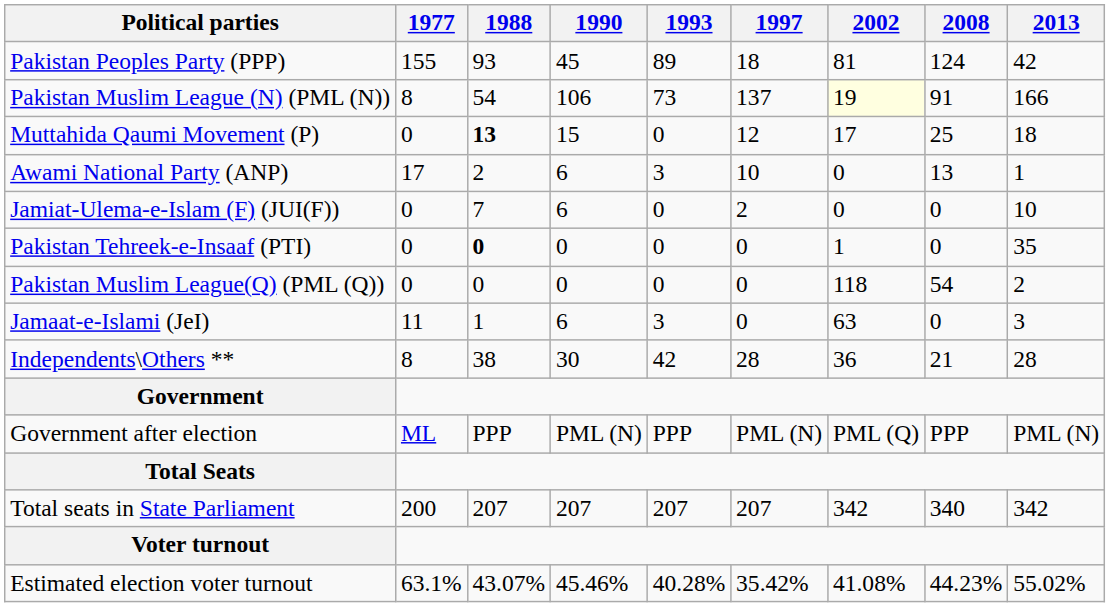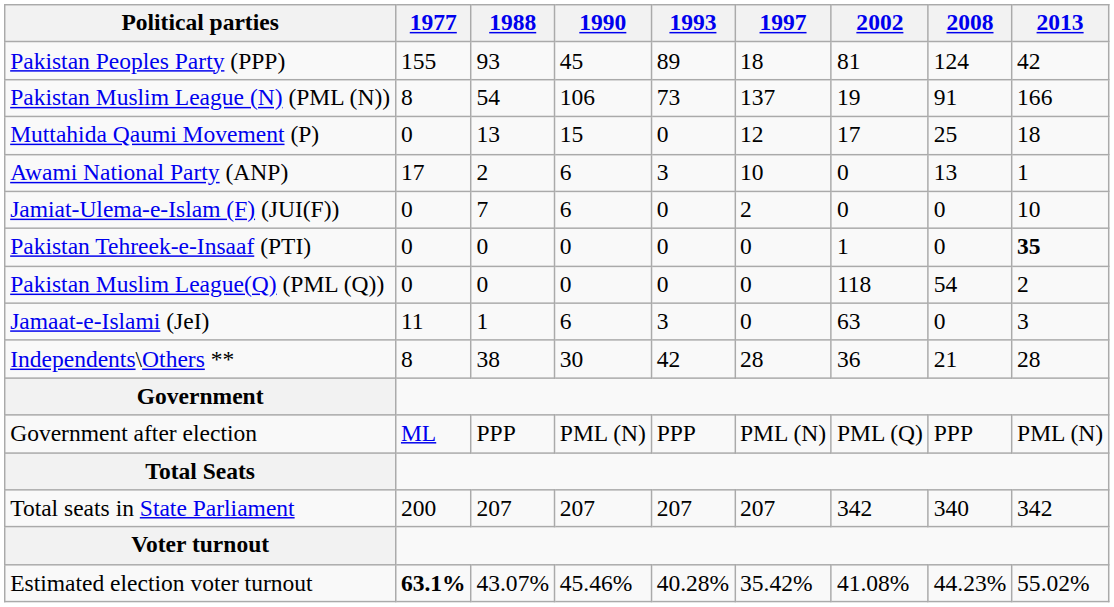 <table class="wikitable sortable">
 <tr>
 <th>Political parties</th>
 <th><a href='#'>1977</a></th>
 <th><a href='#'>1988</a></th>
 <th><a href='#'>1990</a></th>
 <th><a href='#'>1993</a></th>
 <th><a href='#'>1997</a></th>
 <th><a href='#'>2002</a></th>
 <th><a href='#'>2008</a></th>
 <th><a href='#'>2013</a></th>
 </tr>
 <tr>
 <td><a href='#'>Pakistan Peoples Party</a> (PPP)</td>
 <td>155</td>
 <td>93</td>
 <td>45</td>
 <td>89</td>
 <td>18</td>
 <td>81</td>
 <td>124</td>
 <td>42</td>
 </tr>
 <tr>
 <td><a href='#'>Pakistan Muslim League (N)</a> (PML (N))</td>
 <td>8</td>
 <td>54</td>
 <td>106</td>
 <td>73</td>
 <td>137</td>
-<td style="background: lightyellow;">19</td>
+<td>19</td>
 <td>91</td>
 <td>166</td>
 </tr>
 <tr>
 <td><a href='#'>Muttahida Qaumi Movement</a> (P)</td>
 <td>0</td>
-<td><strong>13</strong></td>
+<td>13</td>
 <td>15</td>
 <td>0</td>
 <td>12</td>
 <td>17</td>
 <td>25</td>
 <td>18</td>
 </tr>
 <tr>
 <td><a href='#'>Awami National Party</a> (ANP)</td>
 <td>17</td>
 <td>2</td>
 <td>6</td>
 <td>3</td>
 <td>10</td>
 <td>0</td>
 <td>13</td>
 <td>1</td>
 </tr>
 <tr>
 <td><a href='#'>Jamiat-Ulema-e-Islam (F)</a> (JUI(F))</td>
 <td>0</td>
 <td>7</td>
 <td>6</td>
 <td>0</td>
 <td>2</td>
 <td>0</td>
 <td>0</td>
 <td>10</td>
 </tr>
 <tr>
 <td><a href='#'>Pakistan Tehreek-e-Insaaf</a> (PTI)</td>
 <td>0</td>
-<td><strong>0</strong></td>
+<td>0</td>
 <td>0</td>
 <td>0</td>
 <td>0</td>
 <td>1</td>
 <td>0</td>
-<td>35</td>
+<td><strong>35</strong></td>
 </tr>
 <tr>
 <td><a href='#'>Pakistan Muslim League(Q)</a> (PML (Q))</td>
 <td>0</td>
 <td>0</td>
 <td>0</td>
 <td>0</td>
 <td>0</td>
 <td>118</td>
 <td>54</td>
 <td>2</td>
 </tr>
 <tr>
 <td><a href='#'>Jamaat-e-Islami</a> (JeI)</td>
 <td>11</td>
 <td>1</td>
 <td>6</td>
 <td>3</td>
 <td>0</td>
 <td>63</td>
 <td>0</td>
 <td>3</td>
 </tr>
 <tr>
 <td><a href='#'>Independents</a>\<a href='#'>Others</a> **</td>
 <td>8</td>
 <td>38</td>
 <td>30</td>
 <td>42</td>
 <td>28</td>
 <td>36</td>
 <td>21</td>
 <td>28</td>
 </tr>
 <tr>
 <th>Government</th>
 </tr>
 <tr>
 <td>Government after election</td>
 <td><a href='#'>ML</a></td>
 <td>PPP</td>
 <td>PML (N)</td>
 <td>PPP</td>
 <td>PML (N)</td>
 <td>PML (Q)</td>
 <td>PPP</td>
 <td>PML (N)</td>
 </tr>
 <tr>
 <th>Total Seats</th>
 </tr>
 <tr>
 <td>Total seats in <a href='#'>State Parliament</a></td>
 <td>200</td>
 <td>207</td>
 <td>207</td>
 <td>207</td>
 <td>207</td>
 <td>342</td>
 <td>340</td>
 <td>342</td>
 </tr>
 <tr>
 <th>Voter turnout</th>
 </tr>
 <tr>
 <td>Estimated election voter turnout</td>
-<td>63.1%</td>
+<td><strong>63.1%</strong></td>
 <td>43.07%</td>
 <td>45.46%</td>
 <td>40.28%</td>
 <td>35.42%</td>
 <td>41.08%</td>
 <td>44.23%</td>
 <td>55.02%</td>
 </tr>
 </table>
